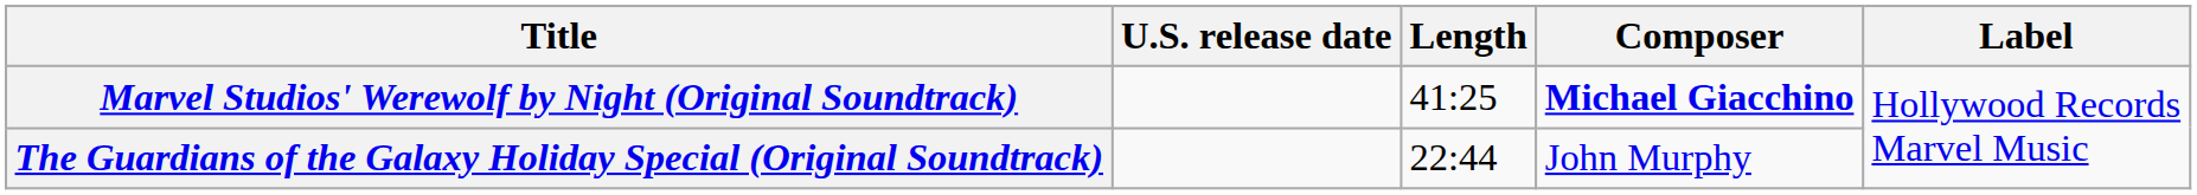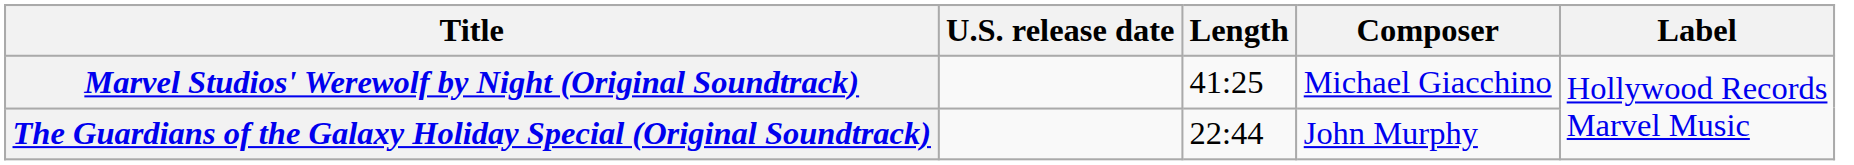 <table class="wikitable plainrowheaders col2left col3left defaultcenter">
 <tr>
 <th scope="col">Title</th>
 <th scope="col">U.S. release date</th>
 <th scope="col">Length</th>
 <th scope="col">Composer</th>
 <th scope="col">Label</th>
 </tr>
 <tr>
 <th scope="row"><em><a href='#'>Marvel Studios' Werewolf by Night (Original Soundtrack)</a></em></th>
 <td></td>
 <td>41:25</td>
-<td><strong><a href='#'>Michael Giacchino</a></strong></td>
+<td><a href='#'>Michael Giacchino</a></td>
 <td rowspan="2"><a href='#'>Hollywood Records</a><br><a href='#'>Marvel Music</a></td>
 </tr>
 <tr>
 <th scope="row"><em><a href='#'>The Guardians of the Galaxy Holiday Special (Original Soundtrack)</a></em></th>
 <td></td>
 <td>22:44</td>
 <td><a href='#'>John Murphy</a></td>
 </tr>
 </table>
